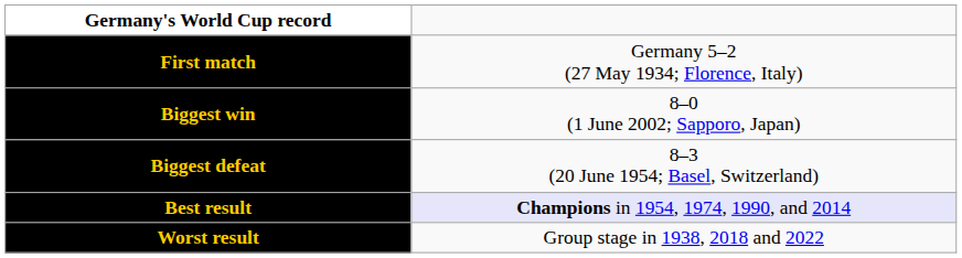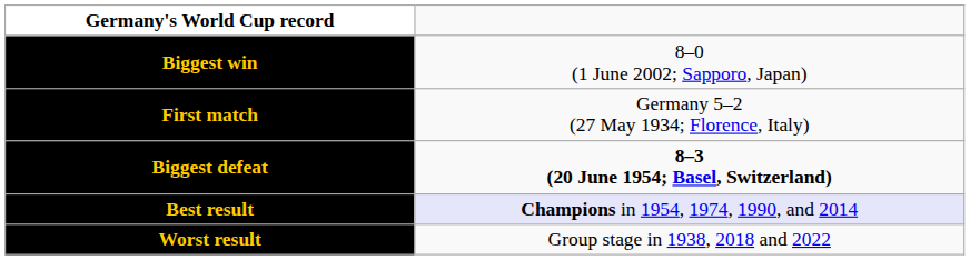 <table class="wikitable collapsible collapsed" style="width:50%;text-align:center">
 <tr>
 <th style="background:white; color:black; "><strong>Germany's World Cup record</strong></th>
+</tr>
+<tr>
+<th style="background:black; color:#FFCC00; ">Biggest win</th>
+<td> 8–0 <br> (1 June 2002; <a href='#'>Sapporo</a>, Japan)</td>
 </tr>
 <tr>
 <th style="background:black; color:#FFCC00; ">First match</th>
 <td> Germany 5–2 <br> (27 May 1934; <a href='#'>Florence</a>, Italy)</td>
 </tr>
 <tr>
-<th style="background:black; color:#FFCC00; ">Biggest win</th>
-<td> 8–0 <br> (1 June 2002; <a href='#'>Sapporo</a>, Japan)</td>
-</tr>
-<tr>
 <th style="background:black; color:#FFCC00; ">Biggest defeat</th>
-<td> 8–3 <br> (20 June 1954; <a href='#'>Basel</a>, Switzerland)</td>
+<td><strong> 8–3 <br> (20 June 1954; <a href='#'>Basel</a>, Switzerland)</strong></td>
 </tr>
 <tr>
 <th style="background:black; color:#FFCC00; ">Best result</th>
 <td style="background: lavender;"><strong>Champions</strong> in <a href='#'>1954</a>, <a href='#'>1974</a>, <a href='#'>1990</a>, and <a href='#'>2014</a></td>
 </tr>
 <tr>
 <th style="background:black; color:#FFCC00; ">Worst result</th>
 <td>Group stage in <a href='#'>1938</a>, <a href='#'>2018</a> and <a href='#'>2022</a></td>
 </tr>
 </table>
